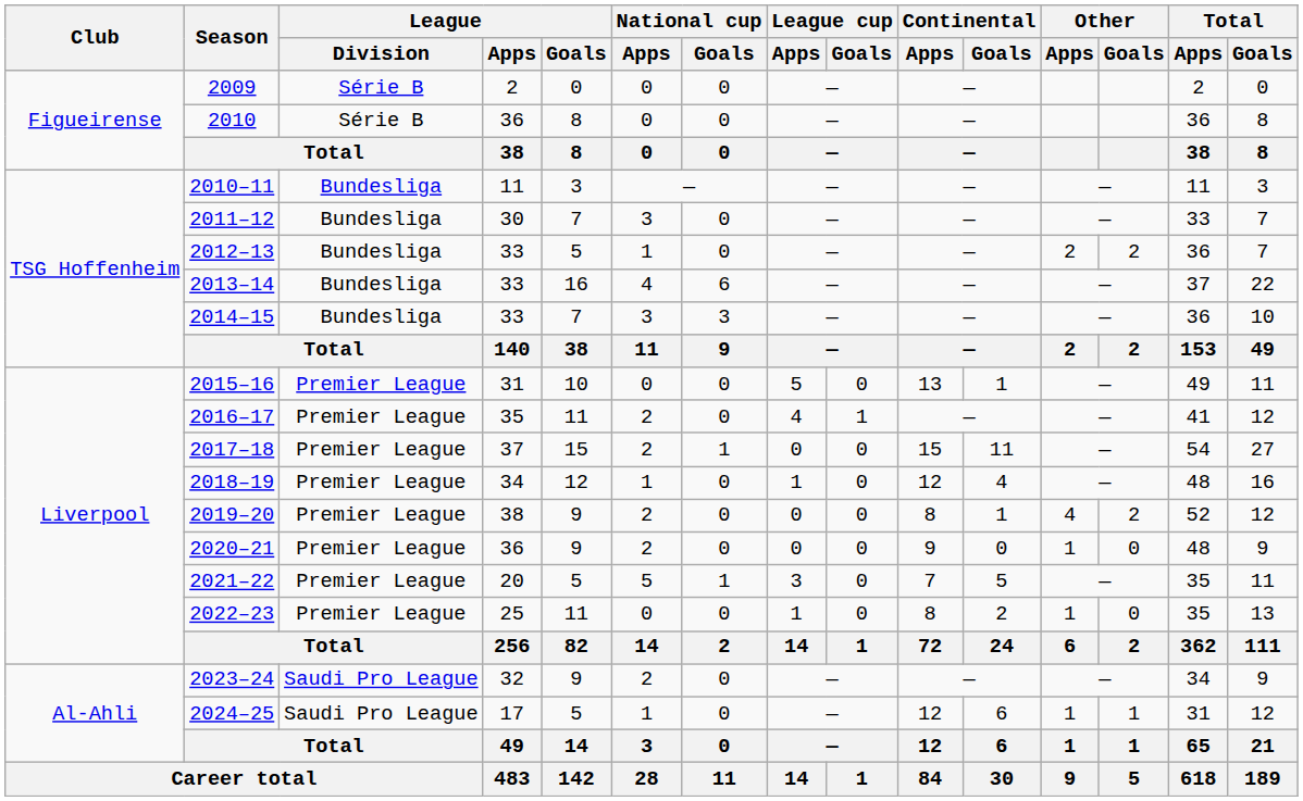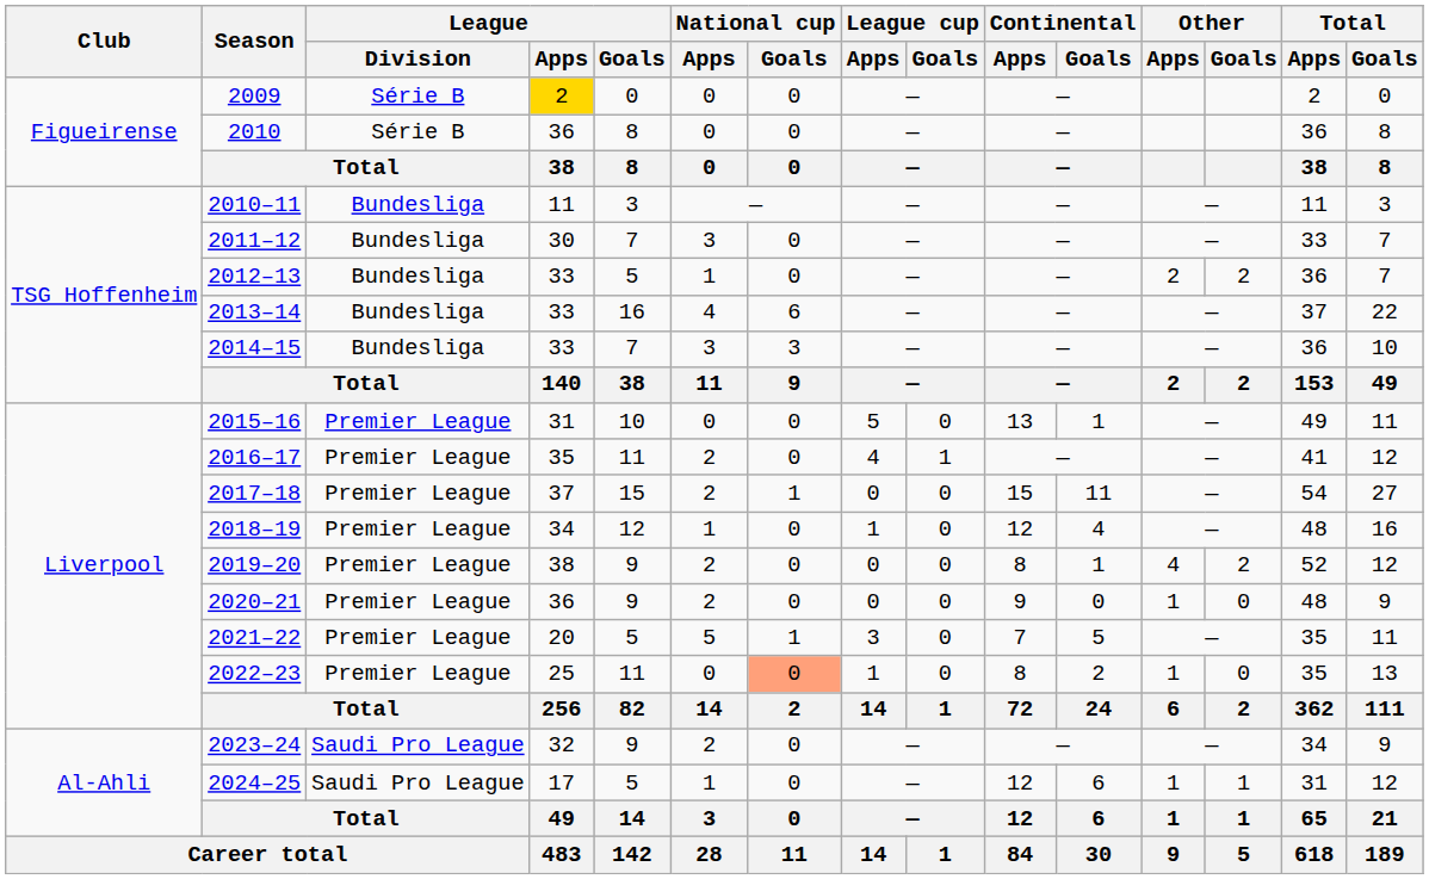 <table class="wikitable" style="text-align: center;">
 <tr>
 <th rowspan="2">Club</th>
 <th rowspan="2">Season</th>
 <th colspan="3">League</th>
 <th colspan="2">National cup</th>
 <th colspan="2">League cup</th>
 <th colspan="2">Continental</th>
 <th colspan="2">Other</th>
 <th colspan="2">Total</th>
 </tr>
 <tr>
 <th>Division</th>
 <th>Apps</th>
 <th>Goals</th>
 <th>Apps</th>
 <th>Goals</th>
 <th>Apps</th>
 <th>Goals</th>
 <th>Apps</th>
 <th>Goals</th>
 <th>Apps</th>
 <th>Goals</th>
 <th>Apps</th>
 <th>Goals</th>
 </tr>
 <tr>
 <td rowspan="3"><a href='#'>Figueirense</a></td>
 <td><a href='#'>2009</a></td>
 <td><a href='#'>Série B</a></td>
-<td>2</td>
+<td style="background: gold;">2</td>
 <td>0</td>
 <td>0</td>
 <td>0</td>
 <td colspan="2">—</td>
 <td colspan="2">—</td>
 <td></td>
 <td></td>
 <td>2</td>
 <td>0</td>
 </tr>
 <tr>
 <td><a href='#'>2010</a></td>
 <td>Série B</td>
 <td>36</td>
 <td>8</td>
 <td>0</td>
 <td>0</td>
 <td colspan="2">—</td>
 <td colspan="2">—</td>
 <td></td>
 <td></td>
 <td>36</td>
 <td>8</td>
 </tr>
 <tr>
 <th colspan="2">Total</th>
 <th>38</th>
 <th>8</th>
 <th>0</th>
 <th>0</th>
 <th colspan="2">—</th>
 <th colspan="2">—</th>
 <th></th>
 <th></th>
 <th>38</th>
 <th>8</th>
 </tr>
 <tr>
 <td rowspan="6"><a href='#'>TSG Hoffenheim</a></td>
 <td><a href='#'>2010–11</a></td>
 <td><a href='#'>Bundesliga</a></td>
 <td>11</td>
 <td>3</td>
 <td colspan="2">—</td>
 <td colspan="2">—</td>
 <td colspan="2">—</td>
 <td colspan="2">—</td>
 <td>11</td>
 <td>3</td>
 </tr>
 <tr>
 <td><a href='#'>2011–12</a></td>
 <td>Bundesliga</td>
 <td>30</td>
 <td>7</td>
 <td>3</td>
 <td>0</td>
 <td colspan="2">—</td>
 <td colspan="2">—</td>
 <td colspan="2">—</td>
 <td>33</td>
 <td>7</td>
 </tr>
 <tr>
 <td><a href='#'>2012–13</a></td>
 <td>Bundesliga</td>
 <td>33</td>
 <td>5</td>
 <td>1</td>
 <td>0</td>
 <td colspan="2">—</td>
 <td colspan="2">—</td>
 <td>2</td>
 <td>2</td>
 <td>36</td>
 <td>7</td>
 </tr>
 <tr>
 <td><a href='#'>2013–14</a></td>
 <td>Bundesliga</td>
 <td>33</td>
 <td>16</td>
 <td>4</td>
 <td>6</td>
 <td colspan="2">—</td>
 <td colspan="2">—</td>
 <td colspan="2">—</td>
 <td>37</td>
 <td>22</td>
 </tr>
 <tr>
 <td><a href='#'>2014–15</a></td>
 <td>Bundesliga</td>
 <td>33</td>
 <td>7</td>
 <td>3</td>
 <td>3</td>
 <td colspan="2">—</td>
 <td colspan="2">—</td>
 <td colspan="2">—</td>
 <td>36</td>
 <td>10</td>
 </tr>
 <tr>
 <th colspan="2">Total</th>
 <th>140</th>
 <th>38</th>
 <th>11</th>
 <th>9</th>
 <th colspan="2">—</th>
 <th colspan="2">—</th>
 <th>2</th>
 <th>2</th>
 <th>153</th>
 <th>49</th>
 </tr>
 <tr>
 <td rowspan="9"><a href='#'>Liverpool</a></td>
 <td><a href='#'>2015–16</a></td>
 <td><a href='#'>Premier League</a></td>
 <td>31</td>
 <td>10</td>
 <td>0</td>
 <td>0</td>
 <td>5</td>
 <td>0</td>
 <td>13</td>
 <td>1</td>
 <td colspan="2">—</td>
 <td>49</td>
 <td>11</td>
 </tr>
 <tr>
 <td><a href='#'>2016–17</a></td>
 <td>Premier League</td>
 <td>35</td>
 <td>11</td>
 <td>2</td>
 <td>0</td>
 <td>4</td>
 <td>1</td>
 <td colspan="2">—</td>
 <td colspan="2">—</td>
 <td>41</td>
 <td>12</td>
 </tr>
 <tr>
 <td><a href='#'>2017–18</a></td>
 <td>Premier League</td>
 <td>37</td>
 <td>15</td>
 <td>2</td>
 <td>1</td>
 <td>0</td>
 <td>0</td>
 <td>15</td>
 <td>11</td>
 <td colspan="2">—</td>
 <td>54</td>
 <td>27</td>
 </tr>
 <tr>
 <td><a href='#'>2018–19</a></td>
 <td>Premier League</td>
 <td>34</td>
 <td>12</td>
 <td>1</td>
 <td>0</td>
 <td>1</td>
 <td>0</td>
 <td>12</td>
 <td>4</td>
 <td colspan="2">—</td>
 <td>48</td>
 <td>16</td>
 </tr>
 <tr>
 <td><a href='#'>2019–20</a></td>
 <td>Premier League</td>
 <td>38</td>
 <td>9</td>
 <td>2</td>
 <td>0</td>
 <td>0</td>
 <td>0</td>
 <td>8</td>
 <td>1</td>
 <td>4</td>
 <td>2</td>
 <td>52</td>
 <td>12</td>
 </tr>
 <tr>
 <td><a href='#'>2020–21</a></td>
 <td>Premier League</td>
 <td>36</td>
 <td>9</td>
 <td>2</td>
 <td>0</td>
 <td>0</td>
 <td>0</td>
 <td>9</td>
 <td>0</td>
 <td>1</td>
 <td>0</td>
 <td>48</td>
 <td>9</td>
 </tr>
 <tr>
 <td><a href='#'>2021–22</a></td>
 <td>Premier League</td>
 <td>20</td>
 <td>5</td>
 <td>5</td>
 <td>1</td>
 <td>3</td>
 <td>0</td>
 <td>7</td>
 <td>5</td>
 <td colspan="2">—</td>
 <td>35</td>
 <td>11</td>
 </tr>
 <tr>
 <td><a href='#'>2022–23</a></td>
 <td>Premier League</td>
 <td>25</td>
 <td>11</td>
 <td>0</td>
-<td>0</td>
+<td style="background: lightsalmon;">0</td>
 <td>1</td>
 <td>0</td>
 <td>8</td>
 <td>2</td>
 <td>1</td>
 <td>0</td>
 <td>35</td>
 <td>13</td>
 </tr>
 <tr>
 <th colspan="2">Total</th>
 <th>256</th>
 <th>82</th>
 <th>14</th>
 <th>2</th>
 <th>14</th>
 <th>1</th>
 <th>72</th>
 <th>24</th>
 <th>6</th>
 <th>2</th>
 <th>362</th>
 <th>111</th>
 </tr>
 <tr>
 <td rowspan="3"><a href='#'>Al-Ahli</a></td>
 <td><a href='#'>2023–24</a></td>
 <td><a href='#'>Saudi Pro League</a></td>
 <td>32</td>
 <td>9</td>
 <td>2</td>
 <td>0</td>
 <td colspan="2">—</td>
 <td colspan="2">—</td>
 <td colspan="2">—</td>
 <td>34</td>
 <td>9</td>
 </tr>
 <tr>
 <td><a href='#'>2024–25</a></td>
 <td>Saudi Pro League</td>
 <td>17</td>
 <td>5</td>
 <td>1</td>
 <td>0</td>
 <td colspan="2">—</td>
 <td>12</td>
 <td>6</td>
 <td>1</td>
 <td>1</td>
 <td>31</td>
 <td>12</td>
 </tr>
 <tr>
 <th colspan="2">Total</th>
 <th>49</th>
 <th>14</th>
 <th>3</th>
 <th>0</th>
 <th colspan="2">—</th>
 <th>12</th>
 <th>6</th>
 <th>1</th>
 <th>1</th>
 <th>65</th>
 <th>21</th>
 </tr>
 <tr>
 <th colspan="3">Career total</th>
 <th>483</th>
 <th>142</th>
 <th>28</th>
 <th>11</th>
 <th>14</th>
 <th>1</th>
 <th>84</th>
 <th>30</th>
 <th>9</th>
 <th>5</th>
 <th>618</th>
 <th>189</th>
 </tr>
 </table>
